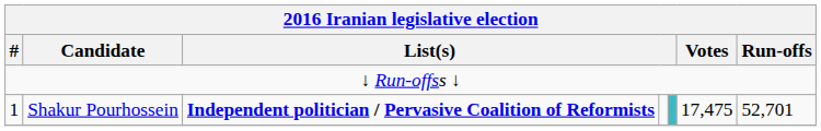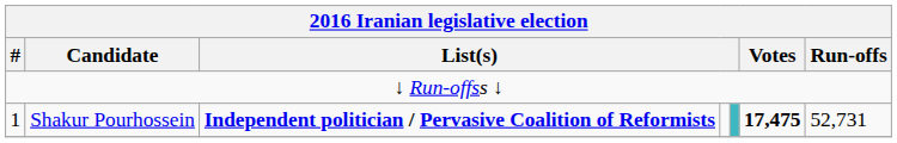 <table class=wikitable style=text-align:left>
 <tr>
 <th colspan="7" align=center><a href='#'>2016 Iranian legislative election</a></th>
 </tr>
 <tr>
 <th>#</th>
 <th>Candidate</th>
 <th colspan="3">List(s)</th>
 <th>Votes</th>
 <th>Run-offs</th>
 </tr>
 <tr>
 <td colspan="7" align=center>↓ <em><a href='#'>Run-offs</a>s</em> ↓</td>
 </tr>
 <tr>
 <td>1</td>
 <td><a href='#'>Shakur Pourhossein</a></td>
 <td><strong><a href='#'>Independent politician</a> / <a href='#'>Pervasive Coalition of Reformists</a> </strong></td>
 <td></td>
 <td style="background:#3cb8c2"></td>
-<td>17,475</td>
-<td>52,701</td>
+<td><strong>17,475</strong></td>
+<td>52,731</td>
 </tr>
 <tr>
 </tr>
 </table>
